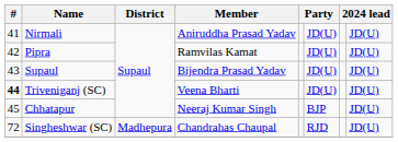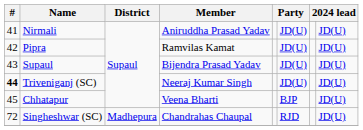 <table class="wikitable">
 <tr>
 <th>#</th>
 <th>Name</th>
 <th>District</th>
 <th>Member</th>
 <th colspan="2">Party</th>
 <th colspan="2">2024 lead</th>
 </tr>
 <tr>
 <td>41</td>
 <td><a href='#'>Nirmali</a></td>
 <td rowspan="5"><a href='#'>Supaul</a></td>
 <td><a href='#'>Aniruddha Prasad Yadav</a></td>
 <td style="background-color: "></td>
 <td><a href='#'>JD(U)</a></td>
 <td style="background-color: "></td>
 <td><a href='#'>JD(U)</a></td>
 </tr>
 <tr>
 <td>42</td>
 <td><a href='#'>Pipra</a></td>
 <td>Ramvilas Kamat</td>
 <td style="background-color: "></td>
 <td><a href='#'>JD(U)</a></td>
 <td style="background-color: "></td>
 <td><a href='#'>JD(U)</a></td>
 </tr>
 <tr>
 <td>43</td>
 <td><a href='#'>Supaul</a></td>
 <td><a href='#'>Bijendra Prasad Yadav</a></td>
 <td style="background-color: "></td>
 <td><a href='#'>JD(U)</a></td>
 <td style="background-color: "></td>
 <td><a href='#'>JD(U)</a></td>
 </tr>
 <tr>
 <td><strong>44</strong></td>
 <td><a href='#'>Triveniganj</a> (SC)</td>
-<td><a href='#'>Veena Bharti</a></td>
+<td><a href='#'>Neeraj Kumar Singh</a></td>
 <td style="background-color: "></td>
 <td><a href='#'>JD(U)</a></td>
 <td style="background-color: "></td>
 <td><a href='#'>JD(U)</a></td>
 </tr>
 <tr>
 <td>45</td>
 <td><a href='#'>Chhatapur</a></td>
-<td><a href='#'>Neeraj Kumar Singh</a></td>
+<td><a href='#'>Veena Bharti</a></td>
 <td style="background-color: "></td>
 <td><a href='#'>BJP</a></td>
 <td style="background-color: "></td>
 <td><a href='#'>JD(U)</a></td>
 </tr>
 <tr>
 <td>72</td>
 <td><a href='#'>Singheshwar</a> (SC)</td>
 <td><a href='#'>Madhepura</a></td>
 <td><a href='#'>Chandrahas Chaupal</a></td>
 <td style="background-color: "></td>
 <td><a href='#'>RJD</a></td>
 <td style="background-color: "></td>
 <td><a href='#'>JD(U)</a></td>
 </tr>
 <tr>
 </tr>
 </table>
